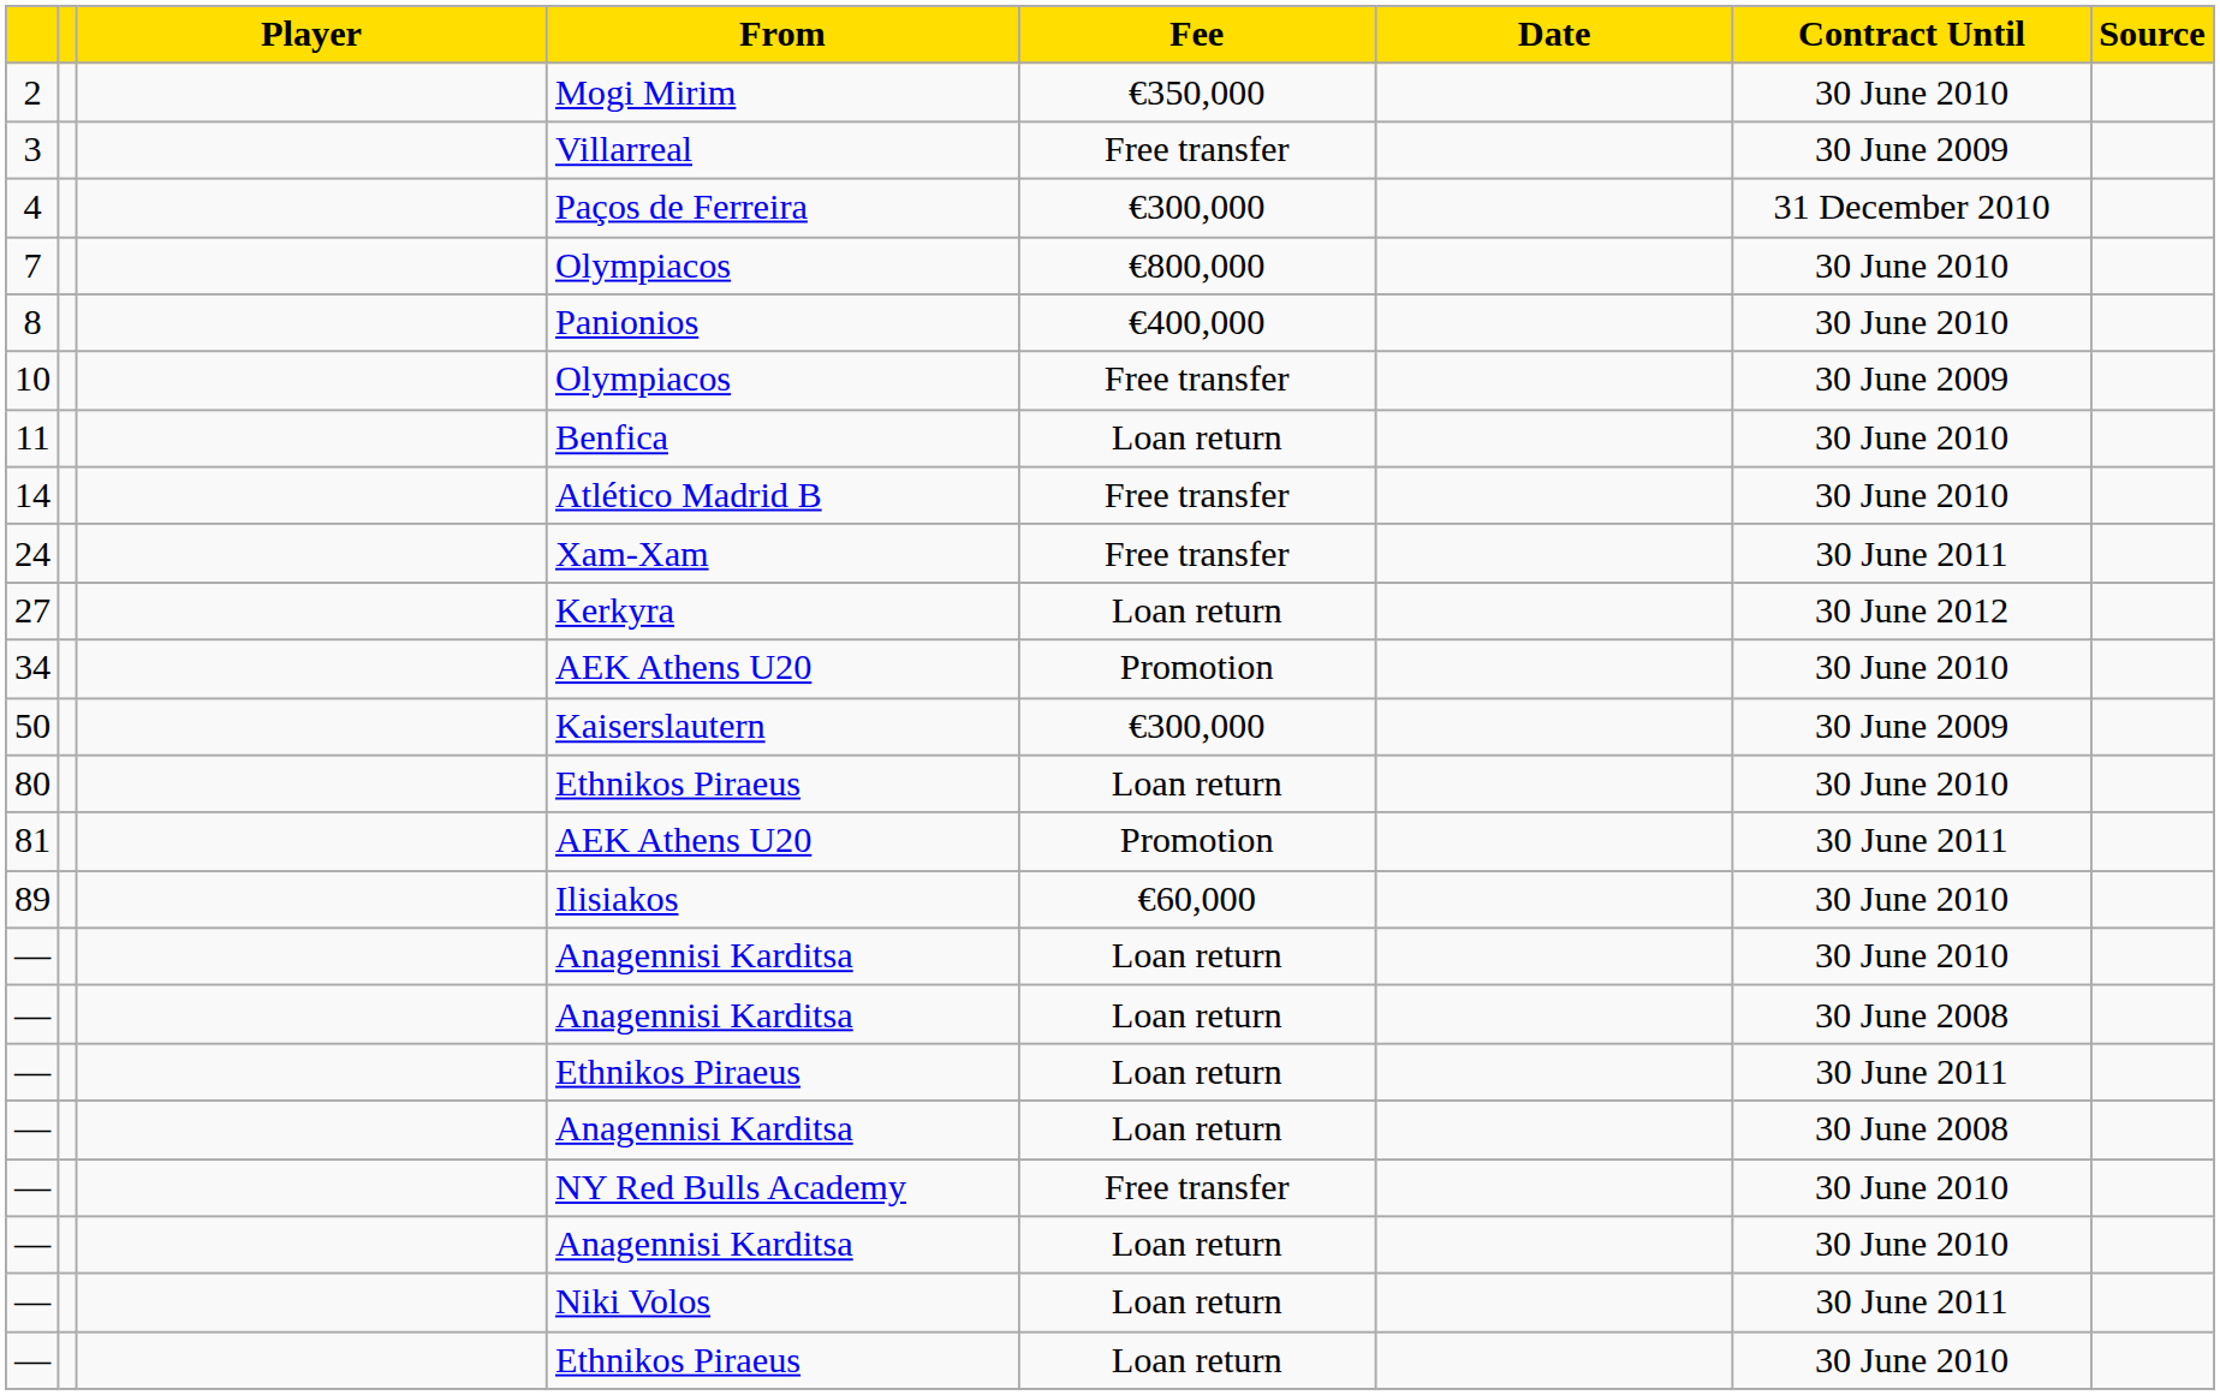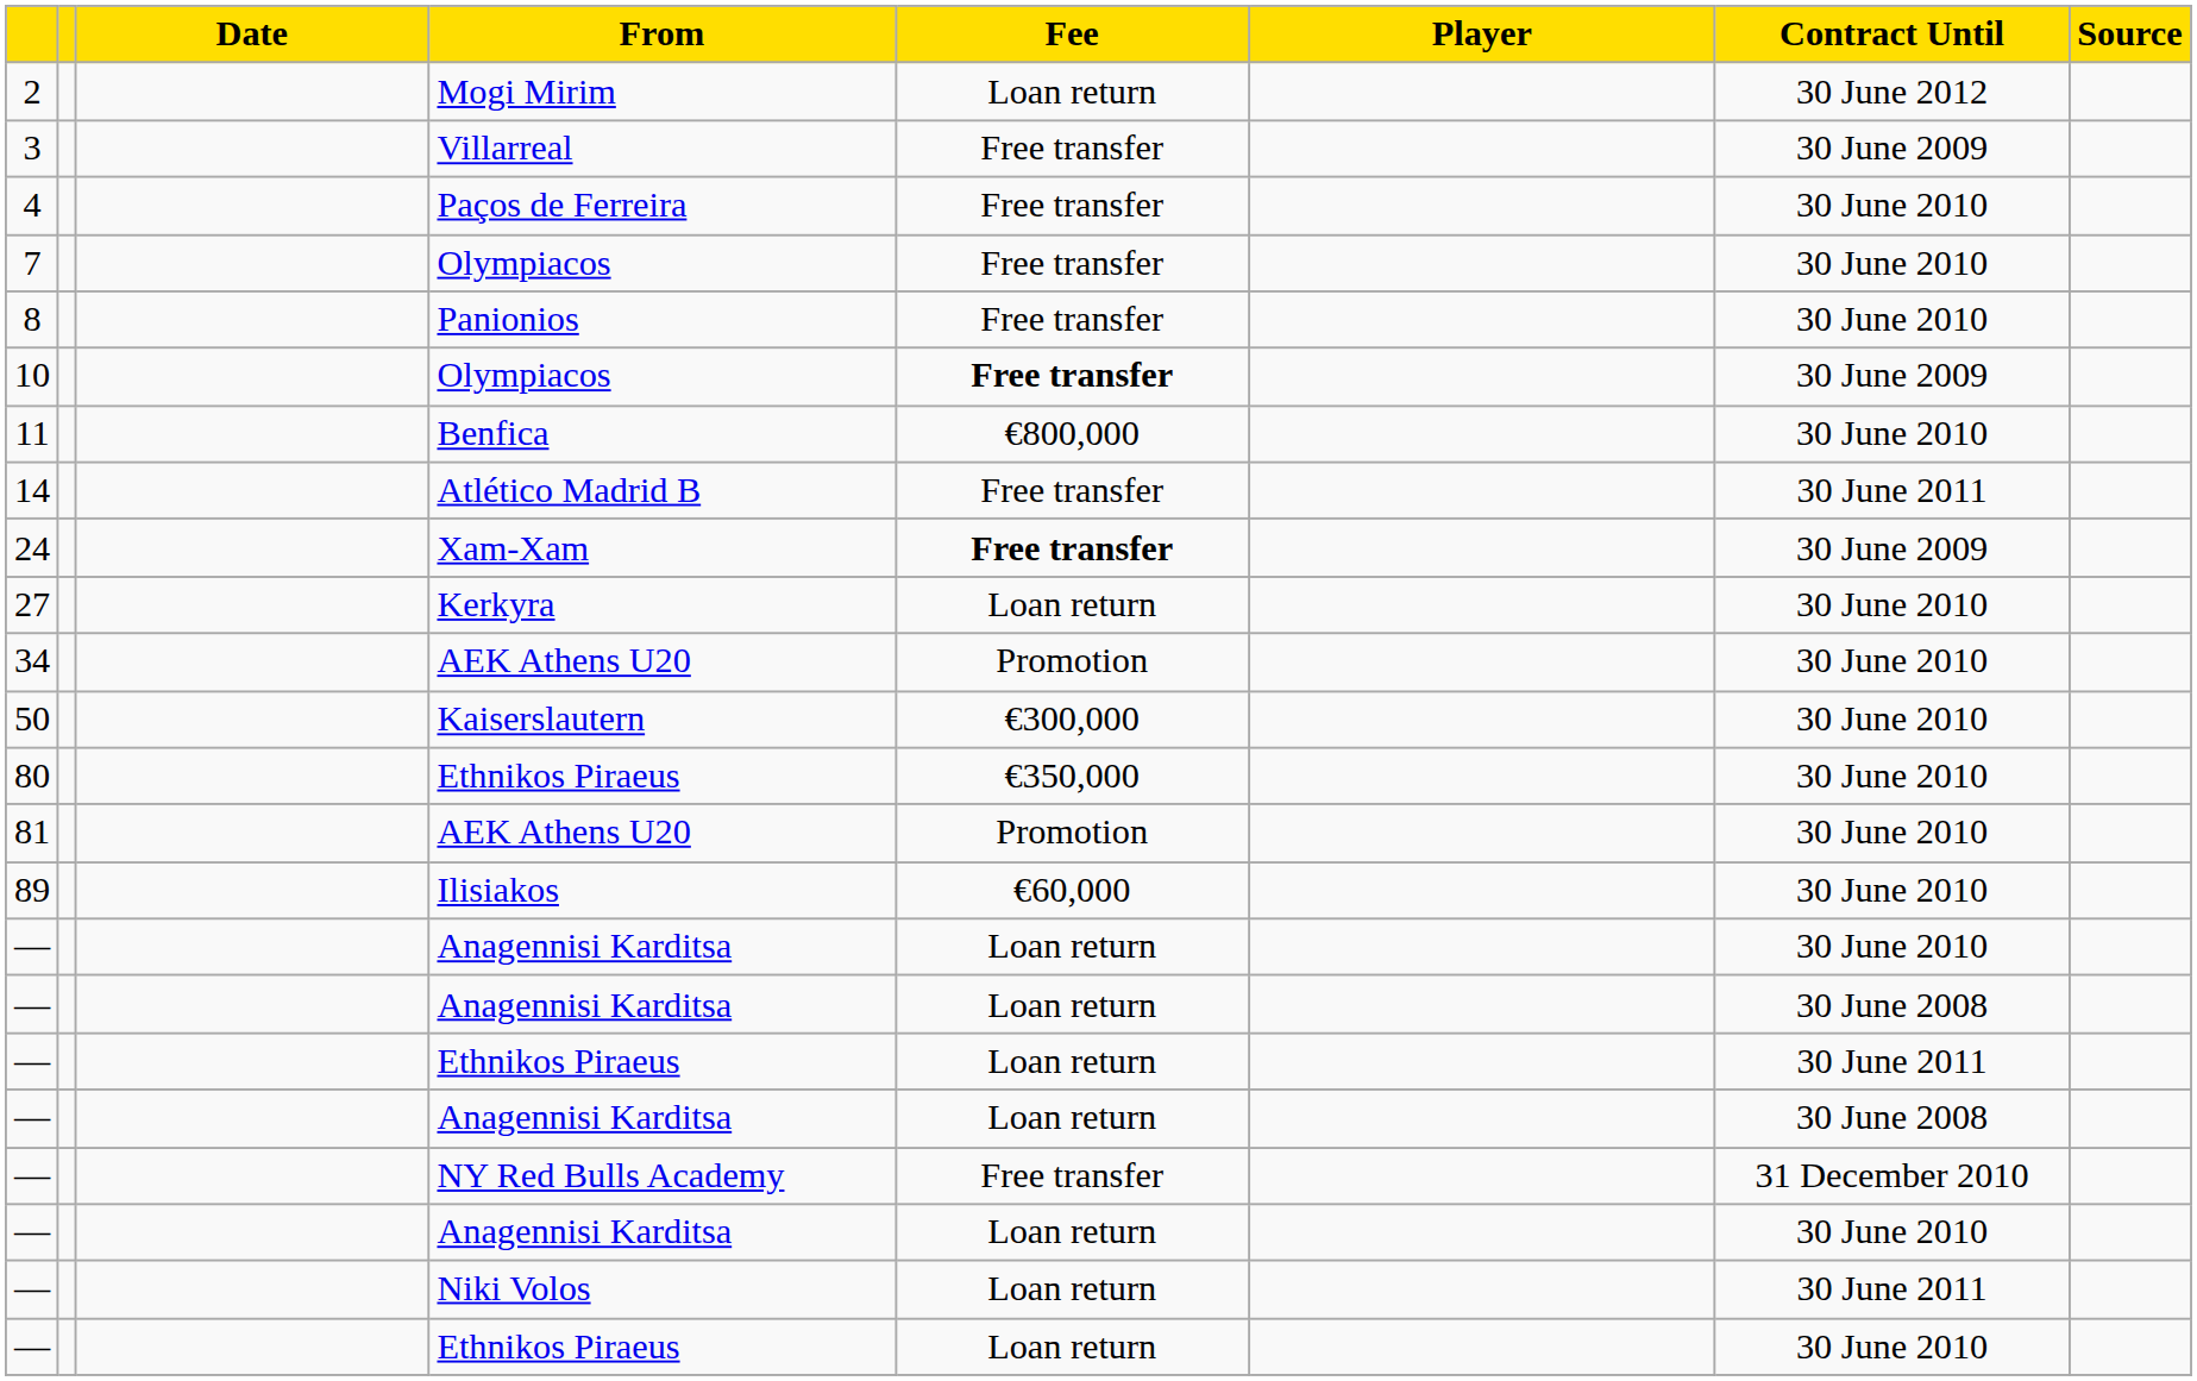 <table class="wikitable sortable">
 <tr>
 <th style="background:#FFDE00"></th>
 <th style="background:#FFDE00"></th>
-<th width=200 style="background:#FFDE00">Player</th>
+<th width=150 style="background:#FFDE00">Date</th>
 <th width=200 style="background:#FFDE00">From</th>
 <th width=150 style="background:#FFDE00">Fee</th>
-<th width=150 style="background:#FFDE00">Date</th>
+<th width=200 style="background:#FFDE00">Player</th>
 <th width=150 style="background:#FFDE00">Contract Until</th>
 <th style="background:#FFDE00">Source</th>
 </tr>
 <tr>
 <td align=center>2</td>
 <td align=center></td>
+<td align=center></td>
+<td> <a href='#'>Mogi Mirim</a></td>
+<td align=center>Loan return</td>
 <td></td>
-<td> <a href='#'>Mogi Mirim</a></td>
-<td align=center>€350,000</td>
-<td align=center></td>
-<td align=center>30 June 2010</td>
+<td align=center>30 June 2012</td>
 <td align=center></td>
 </tr>
 <tr>
 <td align=center>3</td>
 <td align=center></td>
-<td></td>
+<td align=center></td>
 <td> <a href='#'>Villarreal</a></td>
 <td align=center>Free transfer</td>
-<td align=center></td>
+<td></td>
 <td align=center>30 June 2009</td>
 <td align=center></td>
 </tr>
 <tr>
 <td align=center>4</td>
 <td align=center></td>
+<td align=center></td>
+<td> <a href='#'>Paços de Ferreira</a></td>
+<td align=center>Free transfer</td>
 <td></td>
-<td> <a href='#'>Paços de Ferreira</a></td>
-<td align=center>€300,000</td>
-<td align=center></td>
-<td align=center>31 December 2010</td>
+<td align=center>30 June 2010</td>
 <td align=center></td>
 </tr>
 <tr>
 <td align=center>7</td>
 <td align=center></td>
+<td align=center></td>
+<td> <a href='#'>Olympiacos</a></td>
+<td align=center>Free transfer</td>
 <td></td>
-<td> <a href='#'>Olympiacos</a></td>
-<td align=center>€800,000</td>
-<td align=center></td>
 <td align=center>30 June 2010</td>
 <td align=center></td>
 </tr>
 <tr>
 <td align=center>8</td>
 <td align=center></td>
+<td align=center></td>
+<td> <a href='#'>Panionios</a></td>
+<td align=center>Free transfer</td>
 <td></td>
-<td> <a href='#'>Panionios</a></td>
-<td align=center>€400,000</td>
-<td align=center></td>
 <td align=center>30 June 2010</td>
 <td align=center></td>
 </tr>
 <tr>
 <td align=center>10</td>
 <td align=center></td>
+<td align=center></td>
+<td> <a href='#'>Olympiacos</a></td>
+<td align=center><strong>Free transfer</strong></td>
 <td></td>
-<td> <a href='#'>Olympiacos</a></td>
-<td align=center>Free transfer</td>
-<td align=center></td>
 <td align=center>30 June 2009</td>
 <td align=center></td>
 </tr>
 <tr>
 <td align=center>11</td>
 <td align=center></td>
+<td align=center></td>
+<td> <a href='#'>Benfica</a></td>
+<td align=center>€800,000</td>
 <td></td>
-<td> <a href='#'>Benfica</a></td>
-<td align=center>Loan return</td>
-<td align=center></td>
 <td align=center>30 June 2010</td>
 <td align=center></td>
 </tr>
 <tr>
 <td align=center>14</td>
 <td align=center></td>
-<td></td>
+<td align=center></td>
 <td> <a href='#'>Atlético Madrid B</a></td>
 <td align=center>Free transfer</td>
-<td align=center></td>
-<td align=center>30 June 2010</td>
+<td></td>
+<td align=center>30 June 2011</td>
 <td align=center></td>
 </tr>
 <tr>
 <td align=center>24</td>
 <td align=center></td>
+<td align=center></td>
+<td> <a href='#'>Xam-Xam</a></td>
+<td align=center><strong>Free transfer</strong></td>
 <td></td>
-<td> <a href='#'>Xam-Xam</a></td>
-<td align=center>Free transfer</td>
-<td align=center></td>
-<td align=center>30 June 2011</td>
+<td align=center>30 June 2009</td>
 <td align=center></td>
 </tr>
 <tr>
 <td align=center>27</td>
 <td align=center></td>
-<td></td>
+<td align=center></td>
 <td> <a href='#'>Kerkyra</a></td>
 <td align=center>Loan return</td>
-<td align=center></td>
-<td align=center>30 June 2012</td>
+<td></td>
+<td align=center>30 June 2010</td>
 <td align=center></td>
 </tr>
 <tr>
 <td align=center>34</td>
 <td align=center></td>
-<td></td>
+<td align=center></td>
 <td> <a href='#'>AEK Athens U20</a></td>
 <td align=center>Promotion</td>
-<td align=center></td>
+<td></td>
 <td align=center>30 June 2010</td>
 <td align=center></td>
 </tr>
 <tr>
 <td align=center>50</td>
 <td align=center></td>
-<td></td>
+<td align=center></td>
 <td> <a href='#'>Kaiserslautern</a></td>
 <td align=center>€300,000</td>
-<td align=center></td>
-<td align=center>30 June 2009</td>
+<td></td>
+<td align=center>30 June 2010</td>
 <td align=center></td>
 </tr>
 <tr>
 <td align=center>80</td>
 <td align=center></td>
+<td align=center></td>
+<td> <a href='#'>Ethnikos Piraeus</a></td>
+<td align=center>€350,000</td>
 <td></td>
-<td> <a href='#'>Ethnikos Piraeus</a></td>
-<td align=center>Loan return</td>
-<td align=center></td>
 <td align=center>30 June 2010</td>
 <td align=center></td>
 </tr>
 <tr>
 <td align=center>81</td>
 <td align=center></td>
-<td></td>
+<td align=center></td>
 <td> <a href='#'>AEK Athens U20</a></td>
 <td align=center>Promotion</td>
-<td align=center></td>
-<td align=center>30 June 2011</td>
+<td></td>
+<td align=center>30 June 2010</td>
 <td align=center></td>
 </tr>
 <tr>
 <td align=center>89</td>
 <td align=center></td>
-<td></td>
+<td align=center></td>
 <td> <a href='#'>Ilisiakos</a></td>
 <td align=center>€60,000</td>
-<td align=center></td>
+<td></td>
 <td align=center>30 June 2010</td>
 <td align=center></td>
 </tr>
 <tr>
 <td align=center>—</td>
 <td align=center></td>
-<td></td>
+<td align=center></td>
 <td> <a href='#'>Anagennisi Karditsa</a></td>
 <td align=center>Loan return</td>
-<td align=center></td>
+<td></td>
 <td align=center>30 June 2010</td>
 <td align=center></td>
 </tr>
 <tr>
 <td align=center>—</td>
 <td align=center></td>
-<td></td>
+<td align=center></td>
 <td> <a href='#'>Anagennisi Karditsa</a></td>
 <td align=center>Loan return</td>
-<td align=center></td>
+<td></td>
 <td align=center>30 June 2008</td>
 <td align=center></td>
 </tr>
 <tr>
 <td align=center>—</td>
 <td align=center></td>
-<td></td>
+<td align=center></td>
 <td> <a href='#'>Ethnikos Piraeus</a></td>
 <td align=center>Loan return</td>
-<td align=center></td>
+<td></td>
 <td align=center>30 June 2011</td>
 <td align=center></td>
 </tr>
 <tr>
 <td align=center>—</td>
 <td align=center></td>
-<td></td>
+<td align=center></td>
 <td> <a href='#'>Anagennisi Karditsa</a></td>
 <td align=center>Loan return</td>
-<td align=center></td>
+<td></td>
 <td align=center>30 June 2008</td>
 <td align=center></td>
 </tr>
 <tr>
 <td align=center>—</td>
 <td align=center></td>
-<td></td>
+<td align=center></td>
 <td> <a href='#'>NY Red Bulls Academy</a></td>
 <td align=center>Free transfer</td>
+<td></td>
+<td align=center>31 December 2010</td>
 <td align=center></td>
+</tr>
+<tr>
+<td align=center>—</td>
+<td align=center></td>
+<td align=center></td>
+<td> <a href='#'>Anagennisi Karditsa</a></td>
+<td align=center>Loan return</td>
+<td></td>
 <td align=center>30 June 2010</td>
 <td align=center></td>
 </tr>
 <tr>
 <td align=center>—</td>
 <td align=center></td>
-<td></td>
-<td> <a href='#'>Anagennisi Karditsa</a></td>
-<td align=center>Loan return</td>
 <td align=center></td>
-<td align=center>30 June 2010</td>
-<td align=center></td>
-</tr>
-<tr>
-<td align=center>—</td>
-<td align=center></td>
-<td></td>
 <td> <a href='#'>Niki Volos</a></td>
 <td align=center>Loan return</td>
-<td align=center></td>
+<td></td>
 <td align=center>30 June 2011</td>
 <td align=center></td>
 </tr>
 <tr>
 <td align=center>—</td>
 <td align=center></td>
-<td></td>
+<td align=center></td>
 <td> <a href='#'>Ethnikos Piraeus</a></td>
 <td align=center>Loan return</td>
-<td align=center></td>
+<td></td>
 <td align=center>30 June 2010</td>
 <td align=center></td>
 </tr>
 </table>
